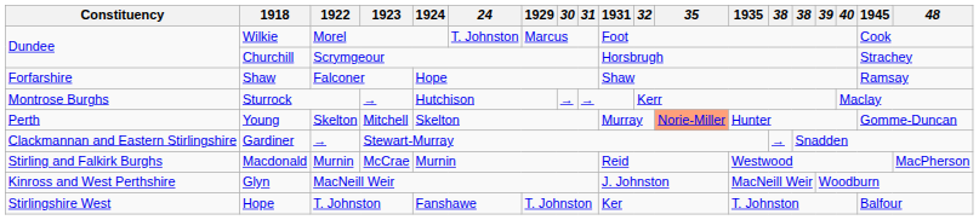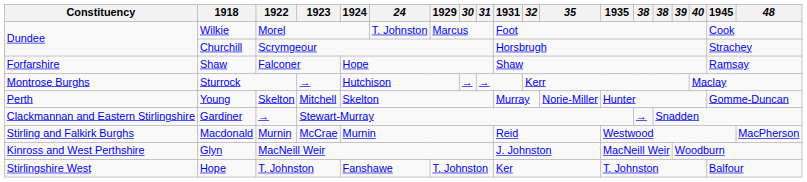 <table class="wikitable">
 <tr>
 <th>Constituency</th>
 <th>1918</th>
 <th>1922</th>
 <th>1923</th>
 <th>1924</th>
 <th><em>24</em></th>
 <th>1929</th>
 <th><em>30</em></th>
 <th><em>31</em></th>
 <th>1931</th>
 <th><em>32</em></th>
 <th><em>35</em></th>
 <th>1935</th>
 <th><em>38</em></th>
 <th><em>38</em></th>
 <th><em>39</em></th>
 <th><em>40</em></th>
 <th>1945</th>
 <th><em>48</em></th>
 </tr>
 <tr>
 <td rowspan="2"><a href='#'>Dundee</a></td>
 <td bgcolor=><a href='#'>Wilkie</a></td>
 <td colspan="3"><a href='#'>Morel</a></td>
 <td><a href='#'>T. Johnston</a></td>
 <td colspan="3"><a href='#'>Marcus</a></td>
 <td colspan="8"><a href='#'>Foot</a></td>
 <td colspan="2"><a href='#'>Cook</a></td>
 </tr>
 <tr>
 <td bgcolor=><a href='#'>Churchill</a></td>
 <td colspan="7"><a href='#'>Scrymgeour</a></td>
 <td colspan="8"><a href='#'>Horsbrugh</a></td>
 <td colspan="2"><a href='#'>Strachey</a></td>
 </tr>
 <tr>
 <td><a href='#'>Forfarshire</a></td>
 <td bgcolor=><a href='#'>Shaw</a></td>
 <td colspan="2"><a href='#'>Falconer</a></td>
 <td colspan="5"><a href='#'>Hope</a></td>
 <td colspan="8"><a href='#'>Shaw</a></td>
 <td colspan="2"><a href='#'>Ramsay</a></td>
 </tr>
 <tr>
 <td><a href='#'>Montrose Burghs</a></td>
 <td colspan="2"><a href='#'>Sturrock</a></td>
 <td><a href='#'>→</a></td>
 <td colspan="3"><a href='#'>Hutchison</a></td>
 <td><a href='#'>→</a></td>
 <td colspan="2"><a href='#'>→</a></td>
 <td colspan="6"><a href='#'>Kerr</a></td>
 <td colspan="3"><a href='#'>Maclay</a></td>
 </tr>
 <tr>
 <td><a href='#'>Perth</a></td>
 <td><a href='#'>Young</a></td>
 <td><a href='#'>Skelton</a></td>
 <td><a href='#'>Mitchell</a></td>
 <td colspan="5"><a href='#'>Skelton</a></td>
 <td colspan="2"><a href='#'>Murray</a></td>
-<td style="background: lightsalmon;"><a href='#'>Norie-Miller</a></td>
+<td><a href='#'>Norie-Miller</a></td>
 <td colspan="5"><a href='#'>Hunter</a></td>
 <td colspan="2"><a href='#'>Gomme-Duncan</a></td>
 </tr>
 <tr>
 <td><a href='#'>Clackmannan and Eastern Stirlingshire</a></td>
 <td bgcolor=><a href='#'>Gardiner</a></td>
 <td bgcolor=><a href='#'>→</a></td>
 <td colspan="10"><a href='#'>Stewart-Murray</a></td>
 <td><a href='#'>→</a></td>
 <td colspan="5"><a href='#'>Snadden</a></td>
 </tr>
 <tr>
 <td><a href='#'>Stirling and Falkirk Burghs</a></td>
 <td bgcolor=><a href='#'>Macdonald</a></td>
 <td bgcolor=><a href='#'>Murnin</a></td>
 <td bgcolor=><a href='#'>McCrae</a></td>
 <td colspan="5"><a href='#'>Murnin</a></td>
 <td colspan="3"><a href='#'>Reid</a></td>
 <td colspan="6"><a href='#'>Westwood</a></td>
 <td><a href='#'>MacPherson</a></td>
 </tr>
 <tr>
 <td><a href='#'>Kinross and West Perthshire</a></td>
 <td bgcolor=><a href='#'>Glyn</a></td>
 <td colspan="7"><a href='#'>MacNeill Weir</a></td>
 <td colspan="3"><a href='#'>J. Johnston</a></td>
 <td colspan="3"><a href='#'>MacNeill Weir</a></td>
 <td colspan="4"><a href='#'>Woodburn</a></td>
 </tr>
 <tr>
 <td><a href='#'>Stirlingshire West</a></td>
 <td bgcolor=><a href='#'>Hope</a></td>
 <td colspan="2"><a href='#'>T. Johnston</a></td>
 <td colspan="2"><a href='#'>Fanshawe</a></td>
 <td colspan="3"><a href='#'>T. Johnston</a></td>
 <td colspan="3"><a href='#'>Ker</a></td>
 <td colspan="5"><a href='#'>T. Johnston</a></td>
 <td colspan="2"><a href='#'>Balfour</a></td>
 </tr>
 </table>
